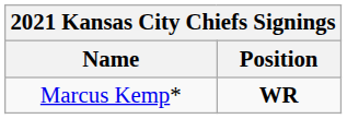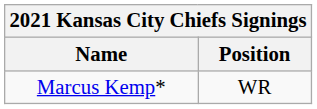 <table class="wikitable" style="text-align:center">
 <tr>
 <th colspan=2>2021 Kansas City Chiefs Signings</th>
 </tr>
 <tr>
 <th>Name</th>
 <th>Position</th>
 </tr>
 <tr>
 <td><a href='#'>Marcus Kemp</a>*</td>
-<td><strong>WR</strong></td>
+<td>WR</td>
 </tr>
 </table>
